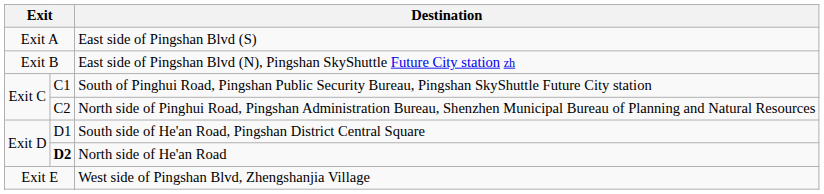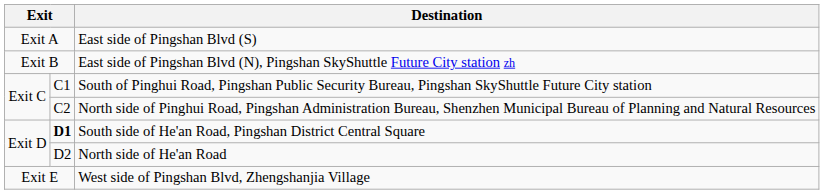 <table class="wikitable">
 <tr>
 <th style="width:70px" colspan="2">Exit</th>
 <th>Destination</th>
 </tr>
 <tr>
 <td align="center" colspan="2">Exit A</td>
 <td>East side of Pingshan Blvd (S)</td>
 </tr>
 <tr>
 <td align="center" colspan="2">Exit B</td>
 <td>East side of Pingshan Blvd (N), Pingshan SkyShuttle <a href='#'>Future City station</a> <small><a href='#'>zh</a></small></td>
 </tr>
 <tr>
 <td align="center" rowspan="2">Exit C</td>
 <td>C1</td>
 <td>South of Pinghui Road, Pingshan Public Security Bureau, Pingshan SkyShuttle Future City station</td>
 </tr>
 <tr>
 <td>C2</td>
 <td>North side of Pinghui Road, Pingshan Administration Bureau, Shenzhen Municipal Bureau of Planning and Natural Resources</td>
 </tr>
 <tr>
 <td align="center" rowspan="2">Exit D</td>
-<td>D1</td>
+<td><strong>D1</strong></td>
 <td>South side of He'an Road, Pingshan District Central Square</td>
 </tr>
 <tr>
-<td><strong>D2</strong></td>
+<td>D2</td>
 <td>North side of He'an Road</td>
 </tr>
 <tr>
 <td align="center" colspan="2">Exit E</td>
 <td>West side of Pingshan Blvd, Zhengshanjia Village</td>
 </tr>
 </table>
